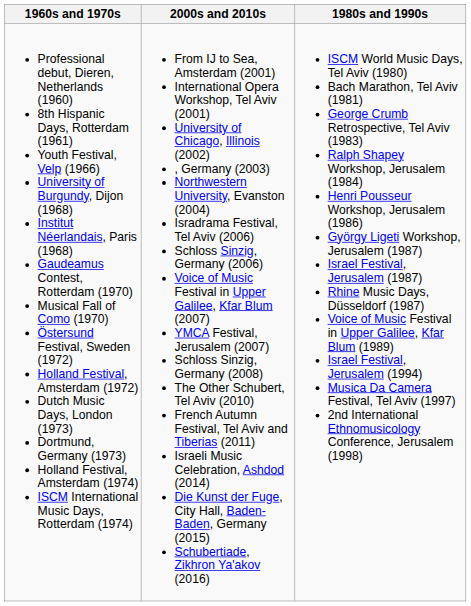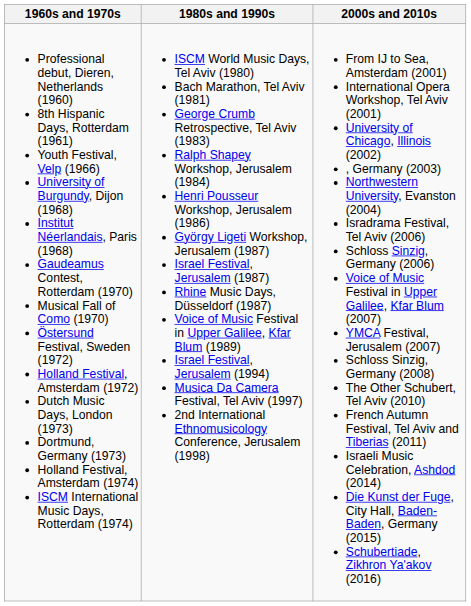 <table class="wikitable">
 <tr>
 <th>1960s and 1970s</th>
+<th>1980s and 1990s</th>
 <th>2000s and 2010s</th>
-<th>1980s and 1990s</th>
 </tr>
 <tr>
 <td valign="top"><br><ul><li>Professional debut, Dieren, Netherlands (1960)</li><li>8th Hispanic Days, Rotterdam (1961)</li><li>Youth Festival, <a href='#'>Velp</a> (1966)</li><li><a href='#'>University of Burgundy</a>, Dijon (1968)</li><li><a href='#'>Institut Néerlandais</a>, Paris (1968)</li><li><a href='#'>Gaudeamus</a> Contest, Rotterdam (1970)</li><li>Musical Fall of <a href='#'>Como</a> (1970)</li><li><a href='#'>Östersund</a> Festival, Sweden (1972)</li><li><a href='#'>Holland Festival</a>, Amsterdam (1972)</li><li>Dutch Music Days, London (1973)</li><li>Dortmund, Germany (1973)</li><li>Holland Festival, Amsterdam (1974)</li><li><a href='#'>ISCM</a> International Music Days, Rotterdam (1974)</li></ul></td>
+<td valign="top"><br><ul><li><a href='#'>ISCM</a> World Music Days, Tel Aviv (1980)</li><li>Bach Marathon, Tel Aviv (1981)</li><li><a href='#'>George Crumb</a> Retrospective, Tel Aviv (1983)</li><li><a href='#'>Ralph Shapey</a> Workshop, Jerusalem (1984)</li><li><a href='#'>Henri Pousseur</a> Workshop, Jerusalem (1986)</li><li><a href='#'>György Ligeti</a> Workshop, Jerusalem (1987)</li><li><a href='#'>Israel Festival</a>, <a href='#'>Jerusalem</a> (1987)</li><li><a href='#'>Rhine</a> Music Days, Düsseldorf (1987)</li><li><a href='#'>Voice of Music</a> Festival in <a href='#'>Upper Galilee</a>, <a href='#'>Kfar Blum</a> (1989)</li><li><a href='#'>Israel Festival</a>, <a href='#'>Jerusalem</a> (1994)</li><li><a href='#'>Musica Da Camera</a> Festival, Tel Aviv (1997)</li><li>2nd International <a href='#'>Ethnomusicology</a> Conference, Jerusalem (1998)</li></ul></td>
 <td><br><ul><li>From IJ to Sea, Amsterdam (2001)</li><li>International Opera Workshop, Tel Aviv (2001)</li><li><a href='#'>University of Chicago</a>, <a href='#'>Illinois</a> (2002)</li><li>, Germany (2003)</li><li><a href='#'>Northwestern University</a>, Evanston (2004)</li><li>Isradrama Festival, Tel Aviv (2006)</li><li>Schloss <a href='#'>Sinzig</a>, Germany (2006)</li><li><a href='#'>Voice of Music</a> Festival in <a href='#'>Upper Galilee</a>, <a href='#'>Kfar Blum</a> (2007)</li><li><a href='#'>YMCA</a> Festival, Jerusalem (2007)</li><li>Schloss Sinzig, Germany (2008)</li><li>The Other Schubert, Tel Aviv (2010)</li><li>French Autumn Festival, Tel Aviv and <a href='#'>Tiberias</a> (2011)</li><li>Israeli Music Celebration, <a href='#'>Ashdod</a> (2014)</li><li><a href='#'>Die Kunst der Fuge</a>, City Hall, <a href='#'>Baden-Baden</a>, Germany (2015)</li><li><a href='#'>Schubertiade</a>, <a href='#'>Zikhron Ya'akov</a> (2016)</li></ul></td>
-<td valign="top"><br><ul><li><a href='#'>ISCM</a> World Music Days, Tel Aviv (1980)</li><li>Bach Marathon, Tel Aviv (1981)</li><li><a href='#'>George Crumb</a> Retrospective, Tel Aviv (1983)</li><li><a href='#'>Ralph Shapey</a> Workshop, Jerusalem (1984)</li><li><a href='#'>Henri Pousseur</a> Workshop, Jerusalem (1986)</li><li><a href='#'>György Ligeti</a> Workshop, Jerusalem (1987)</li><li><a href='#'>Israel Festival</a>, <a href='#'>Jerusalem</a> (1987)</li><li><a href='#'>Rhine</a> Music Days, Düsseldorf (1987)</li><li><a href='#'>Voice of Music</a> Festival in <a href='#'>Upper Galilee</a>, <a href='#'>Kfar Blum</a> (1989)</li><li><a href='#'>Israel Festival</a>, <a href='#'>Jerusalem</a> (1994)</li><li><a href='#'>Musica Da Camera</a> Festival, Tel Aviv (1997)</li><li>2nd International <a href='#'>Ethnomusicology</a> Conference, Jerusalem (1998)</li></ul></td>
 </tr>
 </table>
